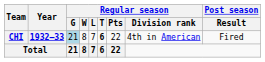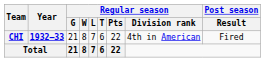 <table class="wikitable" style="font-size: 95%; text-align:center;">
 <tr>
 <th rowspan="2">Team</th>
 <th rowspan="2">Year</th>
 <th colspan="6"><a href='#'>Regular season</a></th>
 <th colspan="1"><a href='#'>Post season</a></th>
 </tr>
 <tr>
 <th>G</th>
 <th>W</th>
 <th>L</th>
 <th>T</th>
 <th>Pts</th>
 <th>Division rank</th>
 <th>Result</th>
 </tr>
 <tr>
 <th><a href='#'>CHI</a></th>
 <th><a href='#'>1932–33</a></th>
-<td style="background: lightblue;">21</td>
+<td>21</td>
 <td>8</td>
 <td>7</td>
-<td><strong>6</strong></td>
+<td>6</td>
 <td>22</td>
 <td>4th in <a href='#'>American</a></td>
 <td>Fired</td>
 </tr>
 <tr>
 <th colspan="2">Total</th>
 <th>21</th>
 <th>8</th>
 <th>7</th>
 <th>6</th>
 <th>22</th>
 </tr>
 </table>
